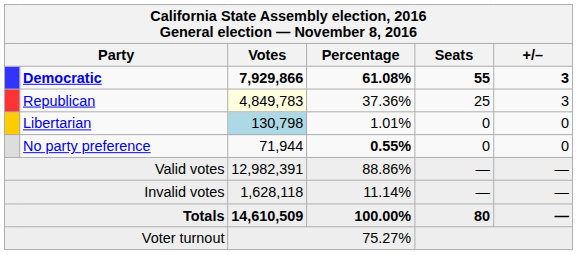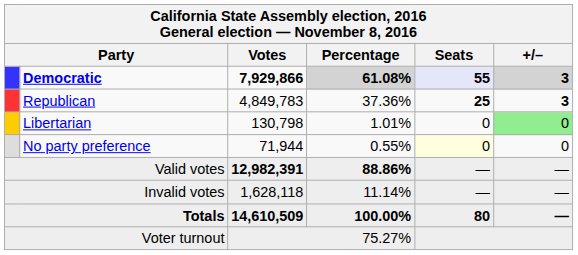 <table class="wikitable" style="font-size:95%;">
 <tr>
 <th colspan="7">California State Assembly election, 2016<br>General election — November 8, 2016</th>
 </tr>
 <tr>
 <th colspan=2 style="width: 15em">Party</th>
 <th style="width: 5em">Votes</th>
 <th style="width: 7em">Percentage</th>
 <th style="width: 5em">Seats</th>
 <th style="width: 5em">+/–</th>
 </tr>
 <tr>
 <th style="background-color:#33F; width: 3px"></th>
 <td style="width: 130px"><strong><a href='#'>Democratic</a></strong></td>
 <td align="right"><strong>7,929,866</strong></td>
-<td align="right"><strong>61.08%</strong></td>
-<td align="right"><strong>55</strong></td>
-<td align="right"><strong> 3</strong></td>
+<td align="right" style="background: lightgrey;"><strong>61.08%</strong></td>
+<td align="right" style="background: lavender;"><strong>55</strong></td>
+<td align="right" style="background: lightgrey;"><strong> 3</strong></td>
 </tr>
 <tr>
 <th style="background-color:#F33; width: 3px"></th>
 <td style="width: 130px"><a href='#'>Republican</a></td>
-<td align="right" style="background: lightyellow;">4,849,783</td>
+<td align="right">4,849,783</td>
 <td align="right">37.36%</td>
-<td align="right">25</td>
-<td align="right"> 3</td>
+<td align="right"><strong>25</strong></td>
+<td align="right"><strong> 3</strong></td>
 </tr>
 <tr>
 <th style="background-color:#FC0; width: 3px"></th>
 <td style="width: 130px"><a href='#'>Libertarian</a></td>
-<td align="right" style="background: lightblue;">130,798</td>
+<td align="right">130,798</td>
 <td align="right">1.01%</td>
 <td align="right">0</td>
-<td align="right">0</td>
+<td align="right" style="background: lightgreen;">0</td>
 </tr>
 <tr>
 <th style="background-color:#DDD; width: 3px"></th>
 <td style="width: 130px"><a href='#'>No party preference</a></td>
 <td align="right">71,944</td>
-<td align="right"><strong>0.55%</strong></td>
-<td align="right">0</td>
+<td align="right">0.55%</td>
+<td align="right" style="background: lightyellow;">0</td>
 <td align="right">0</td>
 </tr>
 <tr bgcolor="#EEEEEE">
 <td colspan="2" align="right">Valid votes</td>
-<td align="right">12,982,391</td>
-<td align="right">88.86%</td>
+<td align="right"><strong>12,982,391</strong></td>
+<td align="right"><strong>88.86%</strong></td>
 <td align="right">—</td>
 <td align="right">—</td>
 </tr>
 <tr bgcolor="#EEEEEE">
 <td colspan="2" align="right">Invalid votes</td>
 <td align="right">1,628,118</td>
 <td align="right">11.14%</td>
 <td align="right">—</td>
 <td align="right">—</td>
 </tr>
 <tr bgcolor="#EEEEEE">
 <td colspan="2" align="right"><strong>Totals</strong></td>
 <td align="right"><strong>14,610,509</strong></td>
 <td align="right"><strong>100.00%</strong></td>
 <td align="right"><strong>80</strong></td>
 <td align="right"><strong>—</strong></td>
 </tr>
 <tr bgcolor="#EEEEEE">
 <td colspan="2" align="right">Voter turnout</td>
 <td colspan="2" align="right">75.27%</td>
 <td colspan="2" align="right"></td>
 </tr>
 </table>
